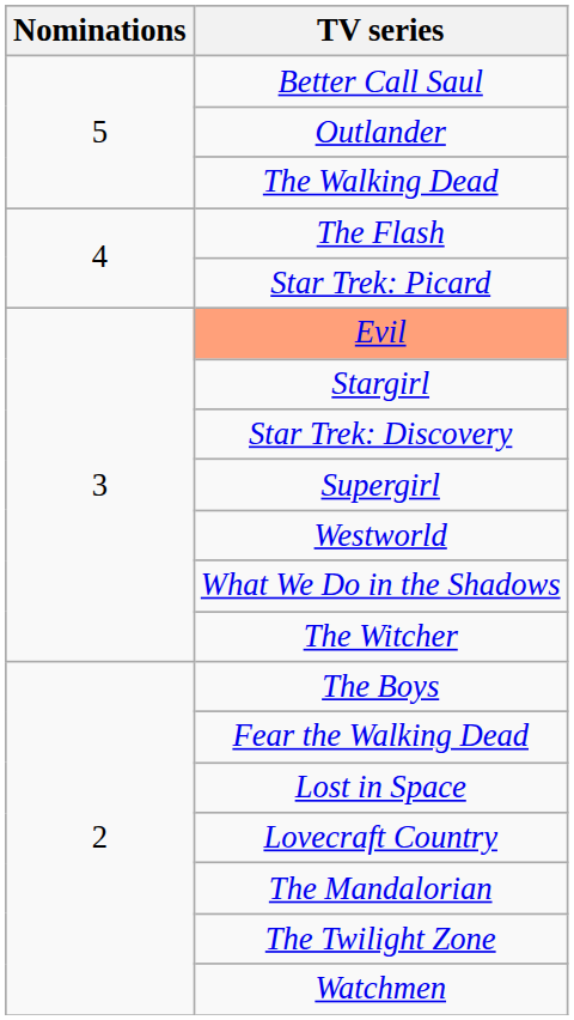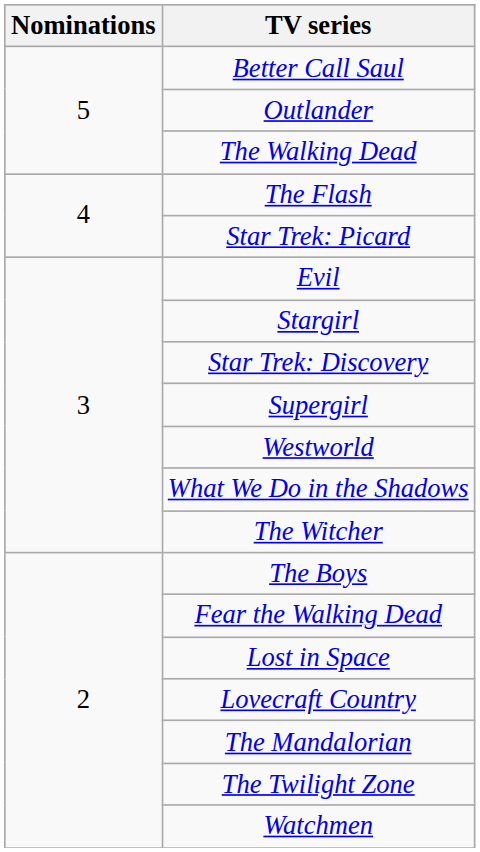 <table class="wikitable left" style="text-align: center;">
 <tr>
 <th scope="col" style="width:55px;">Nominations</th>
 <th scope="col" style="text-align:center;">TV series</th>
 </tr>
 <tr>
 <td rowspan=3 scope=row style="text-align:center">5</td>
 <td><em><a href='#'>Better Call Saul</a></em></td>
 </tr>
 <tr>
 <td><em><a href='#'>Outlander</a></em></td>
 </tr>
 <tr>
 <td><em><a href='#'>The Walking Dead</a></em></td>
 </tr>
 <tr>
 <td rowspan=2 scope=row style="text-align:center">4</td>
 <td><em><a href='#'>The Flash</a></em></td>
 </tr>
 <tr>
 <td><em><a href='#'>Star Trek: Picard</a></em></td>
 </tr>
 <tr>
 <td rowspan=7 scope=row style="text-align:center">3</td>
-<td style="background: lightsalmon;"><em><a href='#'>Evil</a></em></td>
+<td><em><a href='#'>Evil</a></em></td>
 </tr>
 <tr>
 <td><em><a href='#'>Stargirl</a></em></td>
 </tr>
 <tr>
 <td><em><a href='#'>Star Trek: Discovery</a></em></td>
 </tr>
 <tr>
 <td><em><a href='#'>Supergirl</a></em></td>
 </tr>
 <tr>
 <td><em><a href='#'>Westworld</a></em></td>
 </tr>
 <tr>
 <td><em><a href='#'>What We Do in the Shadows</a></em></td>
 </tr>
 <tr>
 <td><em><a href='#'>The Witcher</a></em></td>
 </tr>
 <tr>
 <td rowspan=7 scope=row style="text-align:center">2</td>
 <td><em><a href='#'>The Boys</a></em></td>
 </tr>
 <tr>
 <td><em><a href='#'>Fear the Walking Dead</a></em></td>
 </tr>
 <tr>
 <td><em><a href='#'>Lost in Space</a></em></td>
 </tr>
 <tr>
 <td><em><a href='#'>Lovecraft Country</a></em></td>
 </tr>
 <tr>
 <td><em><a href='#'>The Mandalorian</a></em></td>
 </tr>
 <tr>
 <td><em><a href='#'>The Twilight Zone</a></em></td>
 </tr>
 <tr>
 <td><em><a href='#'>Watchmen</a></em></td>
 </tr>
 </table>
